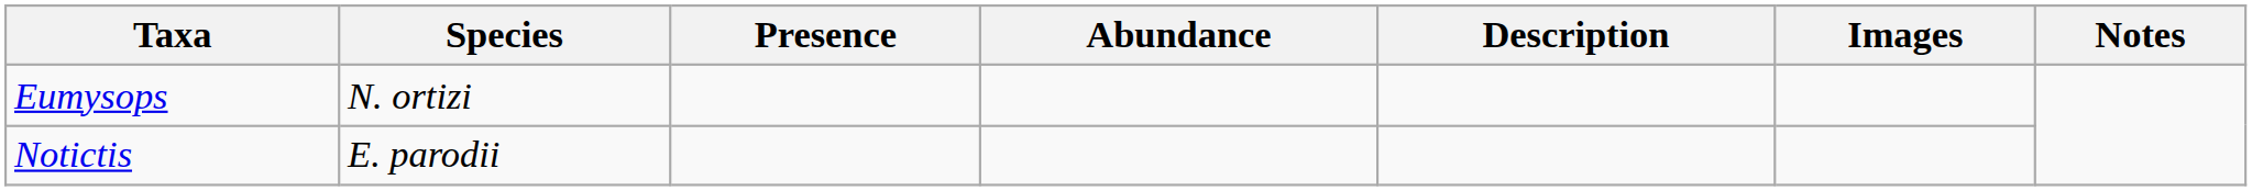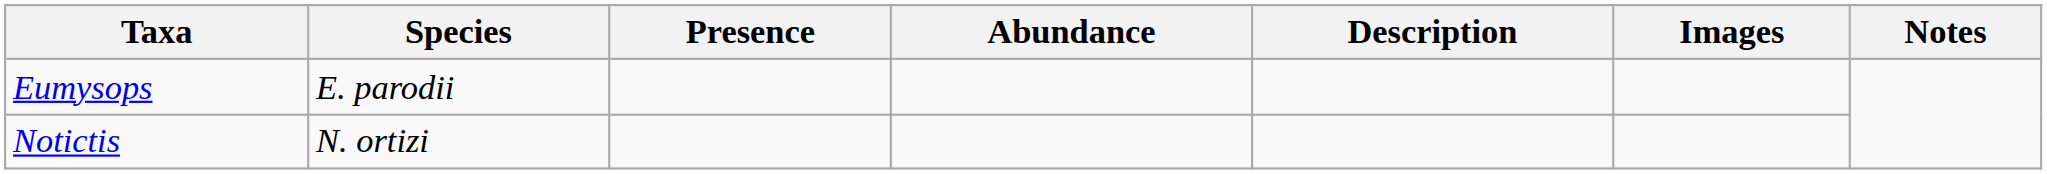 <table class="wikitable sortable" align="center" width="75%">
 <tr>
 <th>Taxa</th>
 <th>Species</th>
 <th>Presence</th>
 <th>Abundance</th>
 <th>Description</th>
 <th>Images</th>
 <th>Notes</th>
 </tr>
 <tr>
 <td><em><a href='#'>Eumysops</a></em></td>
-<td><em>N. ortizi</em></td>
+<td><em>E. parodii</em></td>
 <td></td>
 <td></td>
 <td></td>
 <td></td>
 <td rowspan = "2"></td>
 </tr>
 <tr>
 <td><em><a href='#'>Notictis</a></em></td>
-<td><em>E. parodii</em></td>
+<td><em>N. ortizi</em></td>
 <td></td>
 <td></td>
 <td></td>
 <td></td>
 </tr>
 </table>
